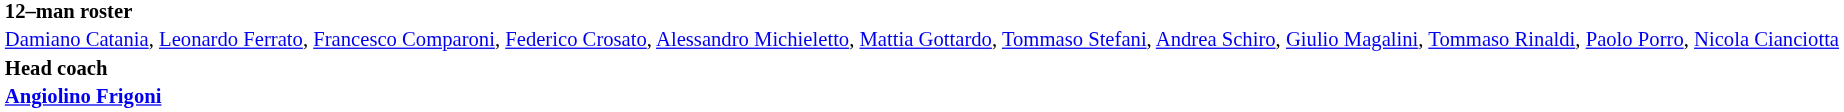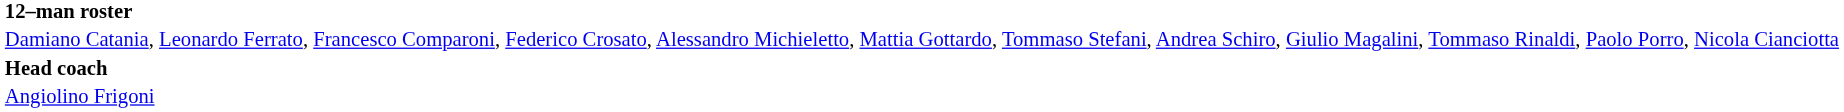 <table>
 <tr>
 <td><strong>12–man roster</strong></td>
 </tr>
 <tr>
 <td><a href='#'>Damiano Catania</a>, <a href='#'>Leonardo Ferrato</a>, <a href='#'>Francesco Comparoni</a>, <a href='#'>Federico Crosato</a>, <a href='#'>Alessandro Michieletto</a>, <a href='#'>Mattia Gottardo</a>, <a href='#'>Tommaso Stefani</a>, <a href='#'>Andrea Schiro</a>, <a href='#'>Giulio Magalini</a>, <a href='#'>Tommaso Rinaldi</a>, <a href='#'>Paolo Porro</a>, <a href='#'>Nicola Cianciotta</a></td>
 </tr>
 <tr>
 <td><strong>Head coach</strong></td>
 </tr>
 <tr>
-<td><strong><a href='#'>Angiolino Frigoni</a></strong></td>
+<td><a href='#'>Angiolino Frigoni</a></td>
 </tr>
 </table>
